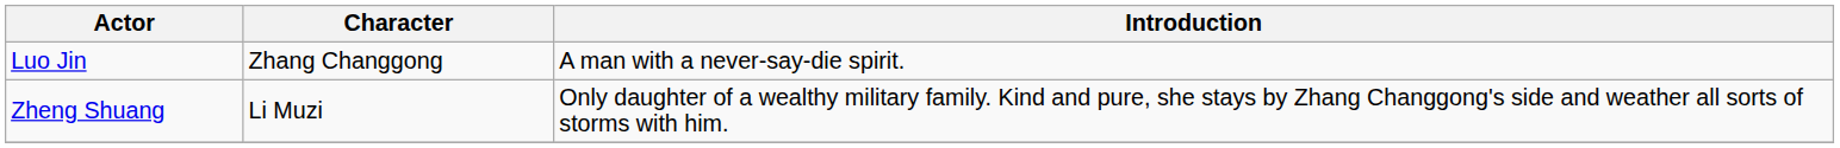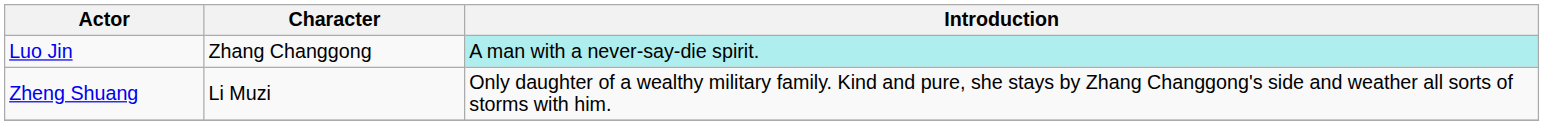 <table class="wikitable">
 <tr>
 <th style="width:13%">Actor</th>
 <th style="width:17%">Character</th>
 <th>Introduction</th>
 </tr>
 <tr>
 <td><a href='#'>Luo Jin</a></td>
 <td>Zhang Changgong</td>
-<td>A man with a never-say-die spirit.</td>
+<td style="background: paleturquoise;">A man with a never-say-die spirit.</td>
 </tr>
 <tr>
 <td><a href='#'>Zheng Shuang</a></td>
 <td>Li Muzi</td>
 <td>Only daughter of a wealthy military family. Kind and pure, she stays by Zhang Changgong's side and weather all sorts of storms with him.</td>
 </tr>
 <tr>
 </tr>
 </table>
